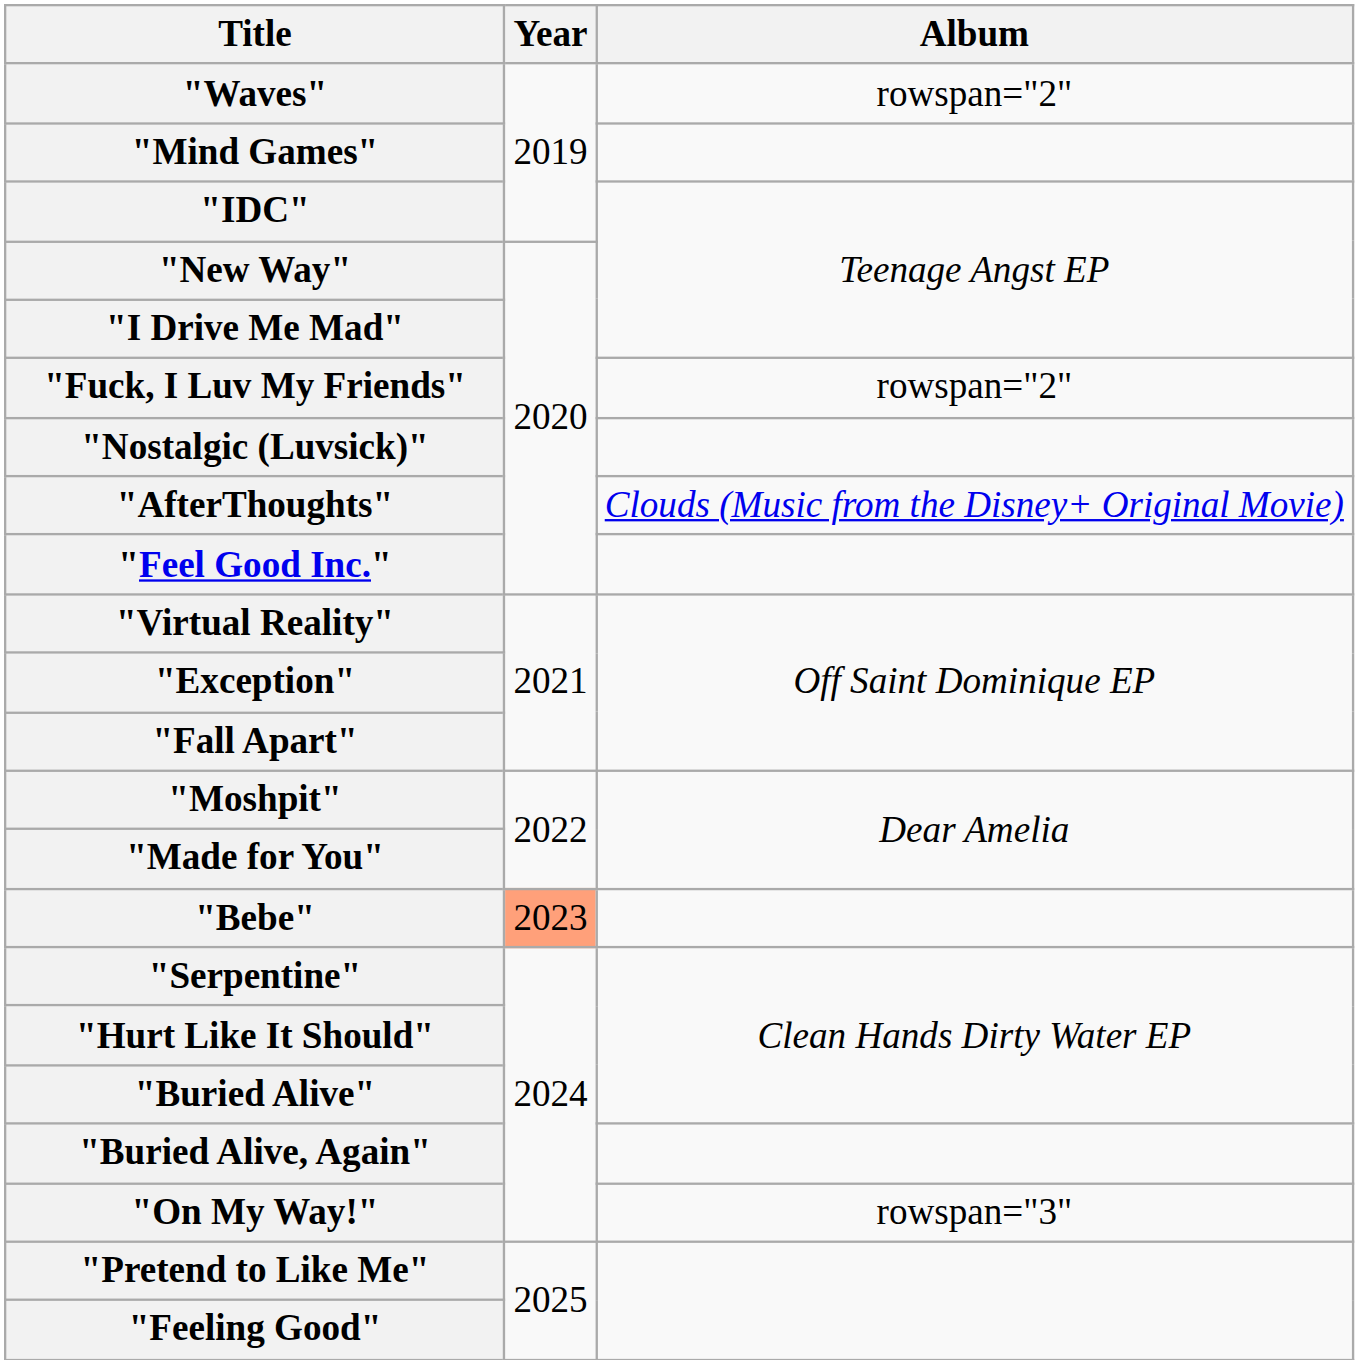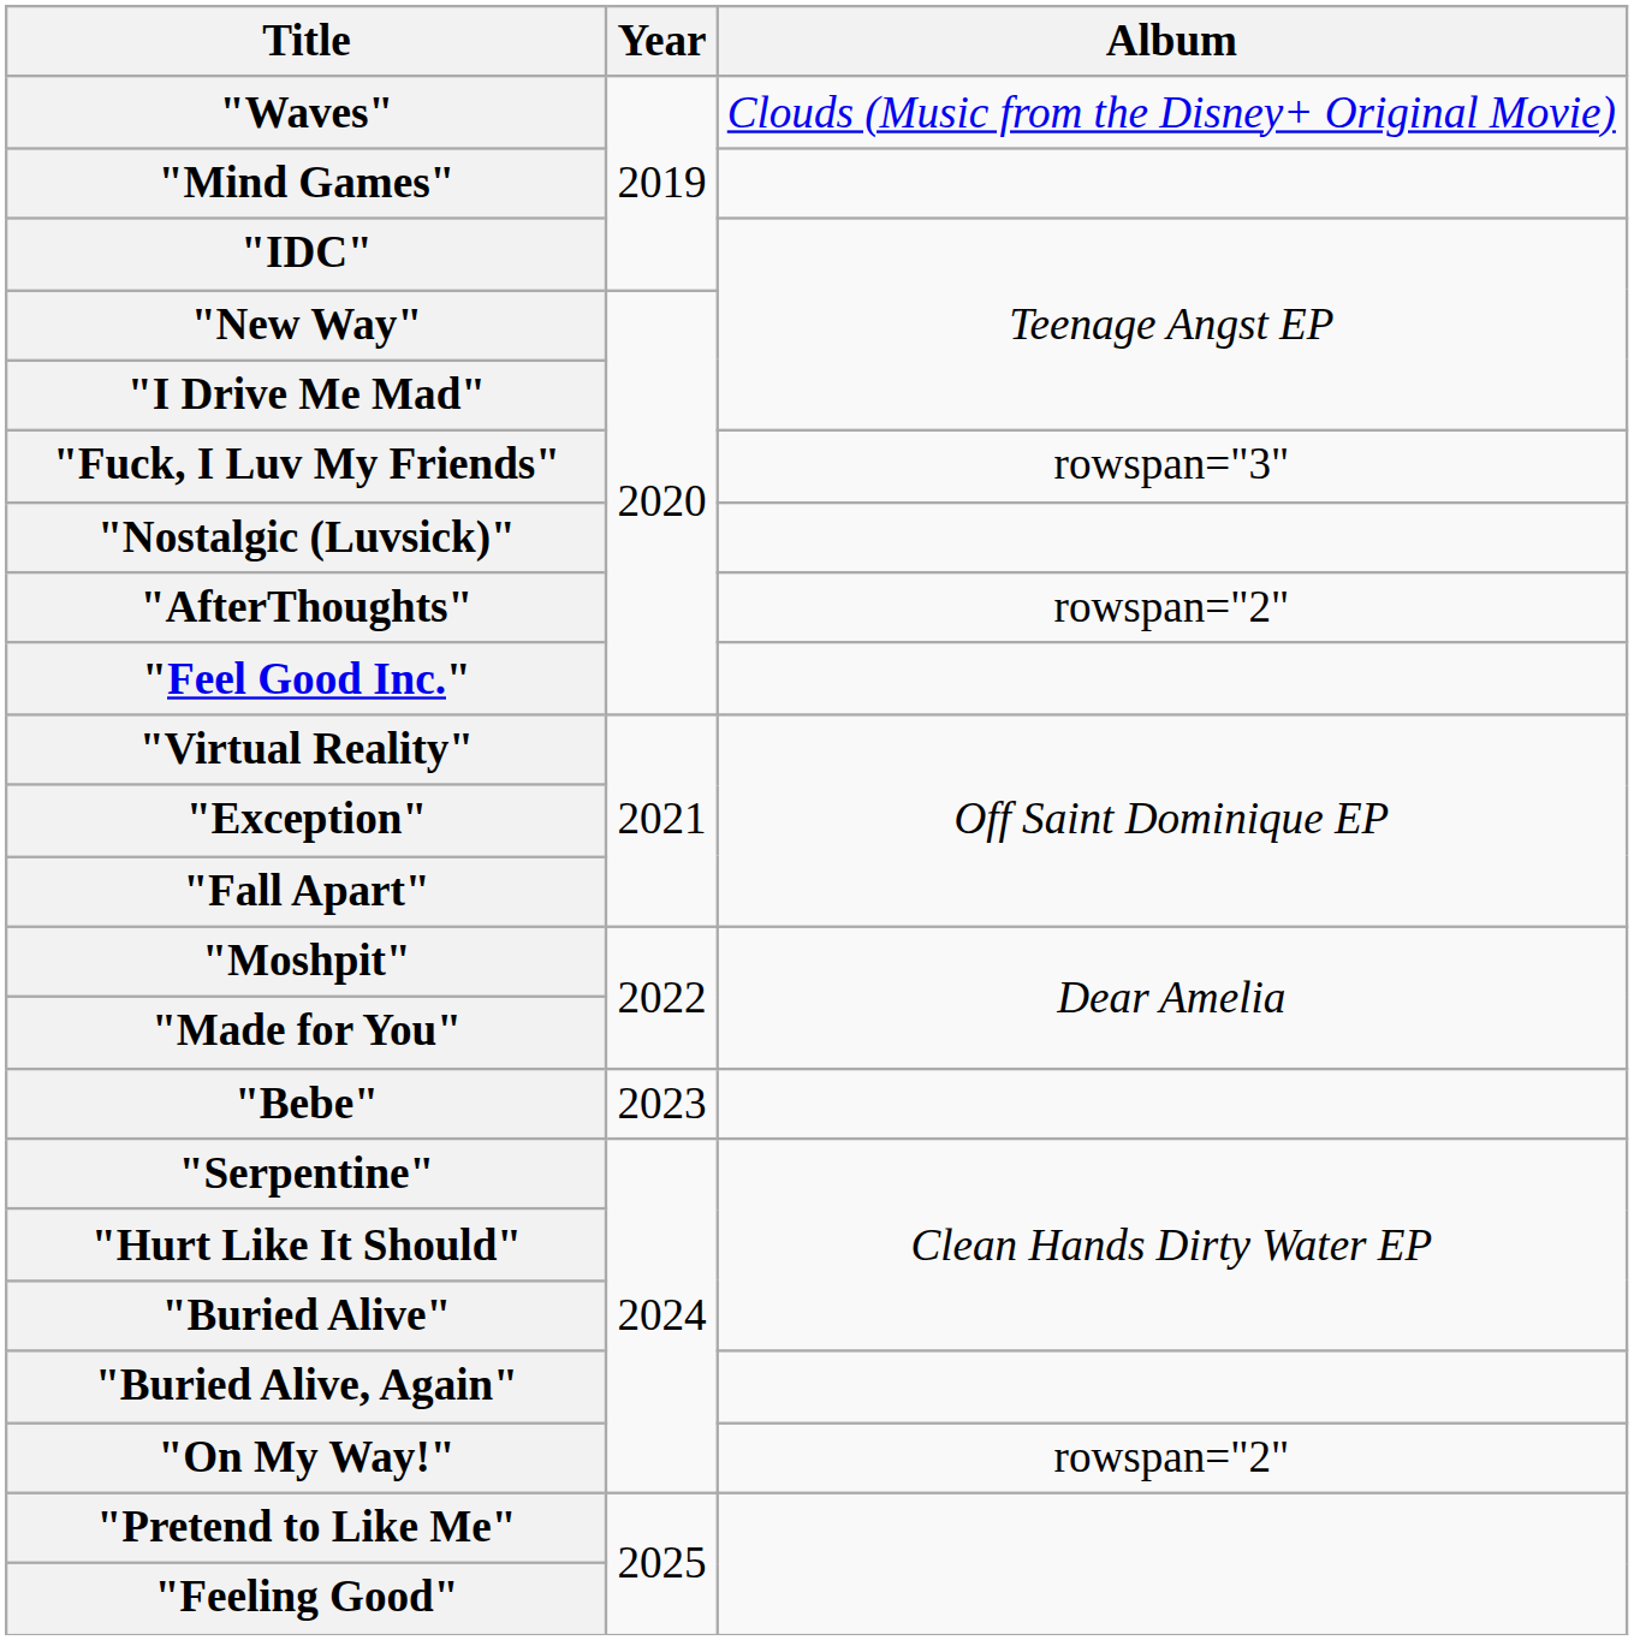 <table class="wikitable plainrowheaders" style="text-align:center;">
 <tr>
 <th scope="col" rowspan="1" style="width:13em;">Title</th>
 <th scope="col" rowspan="1">Year</th>
 <th scope="col" rowspan="1">Album</th>
 </tr>
 <tr>
 <th scope="row">"Waves"</th>
 <td rowspan="3">2019</td>
-<td>rowspan="2" </td>
+<td><em><a href='#'>Clouds (Music from the Disney+ Original Movie)</a></em></td>
 </tr>
 <tr>
 <th scope="row">"Mind Games"</th>
 </tr>
 <tr>
 <th scope="row">"IDC"</th>
 <td rowspan="3"><em>Teenage Angst EP</em></td>
 </tr>
 <tr>
 <th scope="row">"New Way"</th>
 <td rowspan="6">2020</td>
 </tr>
 <tr>
 <th scope="row">"I Drive Me Mad"</th>
 </tr>
 <tr>
 <th scope="row">"Fuck, I Luv My Friends"</th>
-<td>rowspan="2" </td>
+<td>rowspan="3" </td>
 </tr>
 <tr>
 <th scope="row">"Nostalgic (Luvsick)"</th>
 </tr>
 <tr>
 <th scope="row">"AfterThoughts"</th>
-<td><em><a href='#'>Clouds (Music from the Disney+ Original Movie)</a></em></td>
+<td>rowspan="2" </td>
 </tr>
 <tr>
 <th scope="row">"<a href='#'>Feel Good Inc.</a>"<br></th>
 <td></td>
 </tr>
 <tr>
 <th scope="row">"Virtual Reality"</th>
 <td rowspan="3">2021</td>
 <td rowspan="3"><em>Off Saint Dominique EP</em></td>
 </tr>
 <tr>
 <th scope="row">"Exception"</th>
 </tr>
 <tr>
 <th scope="row">"Fall Apart"<br></th>
 </tr>
 <tr>
 <th scope="row">"Moshpit"</th>
 <td rowspan="2">2022</td>
 <td rowspan="2"><em>Dear Amelia</em></td>
 </tr>
 <tr>
 <th scope="row">"Made for You"</th>
 </tr>
 <tr>
 <th scope="row">"Bebe"</th>
-<td style="background: lightsalmon;">2023</td>
+<td>2023</td>
 <td></td>
 </tr>
 <tr>
 <th scope="row">"Serpentine"</th>
 <td rowspan="5">2024</td>
 <td rowspan="3"><em>Clean Hands Dirty Water EP</em></td>
 </tr>
 <tr>
 <th scope="row">"Hurt Like It Should"</th>
 </tr>
 <tr>
 <th scope="row">"Buried Alive"<br></th>
 </tr>
 <tr>
 <th scope="row">"Buried Alive, Again"<br></th>
 <td></td>
 </tr>
 <tr>
 <th scope="row">"On My Way!"</th>
-<td>rowspan="3" </td>
+<td>rowspan="2" </td>
 </tr>
 <tr>
 <th scope="row">"Pretend to Like Me"</th>
 <td rowspan="2">2025</td>
 </tr>
 <tr>
 <th scope="row">"Feeling Good"</th>
 </tr>
 </table>
